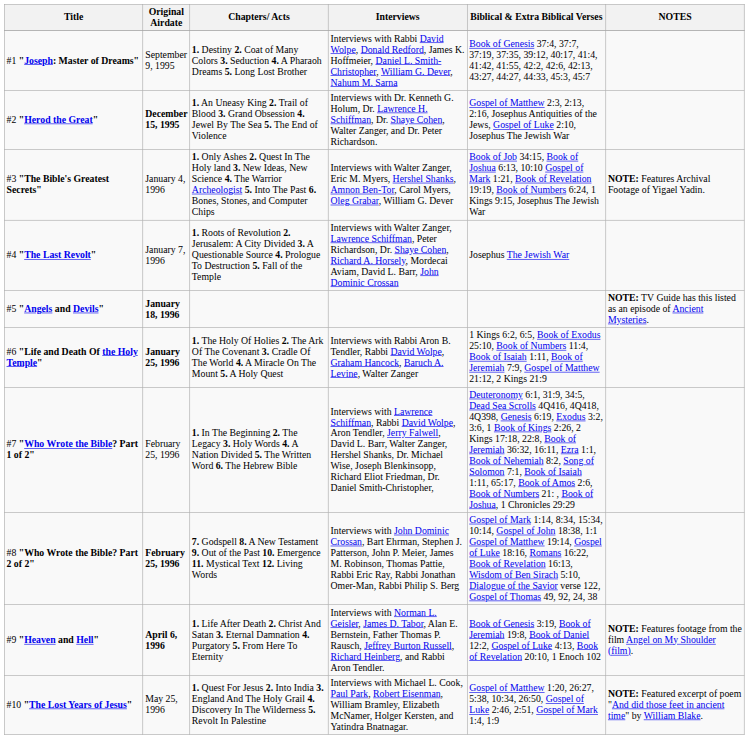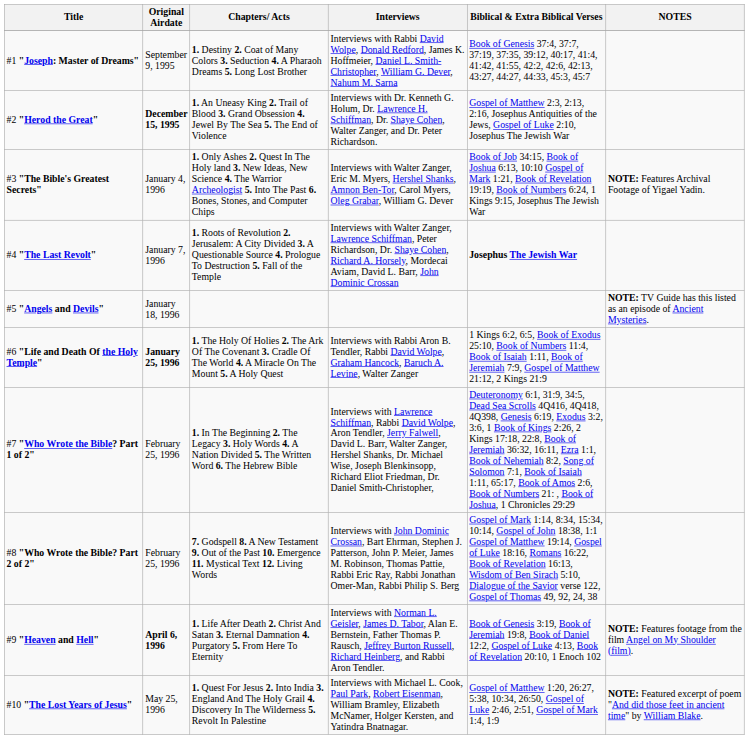 <table class="wikitable" "background:#EEEEFF">
 <tr>
 <th style="width:220px;">Title</th>
 <th style="width:40pt;">Original Airdate</th>
 <th style="width:220px;">Chapters/ Acts</th>
 <th style="width:220px;">Interviews</th>
 <th style="width:220px;">Biblical & Extra Biblical Verses</th>
 <th style="width:220px;">NOTES</th>
 </tr>
 <tr>
 </tr>
 <tr>
 <td>#1 <strong>"<a href='#'>Joseph</a>: Master of Dreams"</strong></td>
 <td>September 9, 1995</td>
 <td><strong>1.</strong> Destiny <strong>2.</strong> Coat of Many Colors <strong>3.</strong> Seduction <strong>4.</strong> A Pharaoh Dreams <strong>5.</strong> Long Lost Brother</td>
 <td>Interviews with Rabbi <a href='#'>David Wolpe</a>, <a href='#'>Donald Redford</a>, James K. Hoffmeier, <a href='#'>Daniel L. Smith-Christopher</a>, <a href='#'>William G. Dever</a>, <a href='#'>Nahum M. Sarna</a></td>
 <td><a href='#'>Book of Genesis</a> 37:4, 37:7, 37:19, 37:35, 39:12, 40:17, 41:4, 41:42, 41:55, 42:2, 42:6, 42:13, 43:27, 44:27, 44:33, 45:3, 45:7</td>
 <td></td>
 </tr>
 <tr>
 <td>#2 <strong>"<a href='#'>Herod the Great</a>"</strong></td>
 <td><strong>December 15, 1995</strong></td>
 <td><strong>1.</strong> An Uneasy King <strong>2.</strong> Trail of Blood <strong>3.</strong> Grand Obsession <strong>4.</strong> Jewel By The Sea <strong>5.</strong> The End of Violence</td>
 <td>Interviews with Dr. Kenneth G. Holum, Dr. <a href='#'>Lawrence H. Schiffman</a>, Dr. <a href='#'>Shaye Cohen</a>, Walter Zanger, and Dr. Peter Richardson.</td>
 <td><a href='#'>Gospel of Matthew</a> 2:3, 2:13, 2:16, Josephus Antiquities of the Jews, <a href='#'>Gospel of Luke</a> 2:10, Josephus The Jewish War</td>
 <td></td>
 </tr>
 <tr>
 <td>#3 <strong>"The Bible's Greatest Secrets"</strong></td>
 <td>January 4, 1996</td>
 <td><strong>1.</strong> Only Ashes <strong>2.</strong> Quest In The Holy land <strong>3.</strong> New Ideas, New Science <strong>4.</strong> The Warrior <a href='#'>Archeologist</a> <strong>5.</strong> Into The Past <strong>6.</strong> Bones, Stones, and Computer Chips</td>
 <td>Interviews with Walter Zanger, Eric M. Myers, <a href='#'>Hershel Shanks</a>, <a href='#'>Amnon Ben-Tor</a>, Carol Myers, <a href='#'>Oleg Grabar</a>, William G. Dever</td>
 <td><a href='#'>Book of Job</a> 34:15, <a href='#'>Book of Joshua</a> 6:13, 10:10 <a href='#'>Gospel of Mark</a> 1:21, <a href='#'>Book of Revelation</a> 19:19, <a href='#'>Book of Numbers</a> 6:24, 1 Kings 9:15, Josephus The Jewish War</td>
 <td><strong>NOTE:</strong> Features Archival Footage of Yigael Yadin.</td>
 </tr>
 <tr>
 <td>#4 <strong>"<a href='#'>The Last Revolt</a>"</strong></td>
 <td>January 7, 1996</td>
 <td><strong>1.</strong> Roots of Revolution <strong>2.</strong> Jerusalem: A City Divided <strong>3.</strong> A Questionable Source <strong>4.</strong> Prologue To Destruction <strong>5.</strong> Fall of the Temple</td>
 <td>Interviews with Walter Zanger, <a href='#'>Lawrence Schiffman</a>, Peter Richardson, Dr. <a href='#'>Shaye Cohen</a>, <a href='#'>Richard A. Horsely</a>, Mordecai Aviam, David L. Barr, <a href='#'>John Dominic Crossan</a></td>
-<td>Josephus <a href='#'>The Jewish War</a></td>
+<td><strong>Josephus <a href='#'>The Jewish War</a></strong></td>
 <td></td>
 </tr>
 <tr>
 <td>#5 <strong>"<a href='#'>Angels</a> and <a href='#'>Devils</a>"</strong></td>
-<td><strong>January 18, 1996</strong></td>
+<td>January 18, 1996</td>
 <td></td>
 <td></td>
 <td></td>
 <td><strong>NOTE:</strong> TV Guide has this listed as an episode of <a href='#'>Ancient Mysteries</a>.</td>
 </tr>
 <tr>
 <td>#6 <strong>"Life and Death Of <a href='#'>the Holy Temple</a>"</strong></td>
 <td><strong>January 25, 1996</strong></td>
 <td><strong>1.</strong> The Holy Of Holies <strong>2.</strong> The Ark Of The Covenant <strong>3.</strong> Cradle Of The World <strong>4.</strong> A Miracle On The Mount <strong>5.</strong> A Holy Quest</td>
 <td>Interviews with Rabbi Aron B. Tendler, Rabbi <a href='#'>David Wolpe</a>, <a href='#'>Graham Hancock</a>, <a href='#'>Baruch A. Levine</a>, Walter Zanger</td>
 <td>1 Kings 6:2, 6:5, <a href='#'>Book of Exodus</a> 25:10, <a href='#'>Book of Numbers</a> 11:4, <a href='#'>Book of Isaiah</a> 1:11, <a href='#'>Book of Jeremiah</a> 7:9, <a href='#'>Gospel of Matthew</a> 21:12, 2 Kings 21:9</td>
 <td></td>
 </tr>
 <tr>
 <td>#7 <strong>"<a href='#'>Who Wrote the Bible</a>? Part 1 of 2"</strong></td>
 <td>February 25, 1996</td>
 <td><strong>1.</strong> In The Beginning <strong>2.</strong> The Legacy <strong>3.</strong> Holy Words <strong>4.</strong> A Nation Divided <strong>5.</strong> The Written Word <strong>6.</strong> The Hebrew Bible</td>
 <td>Interviews with <a href='#'>Lawrence Schiffman</a>, Rabbi <a href='#'>David Wolpe</a>, Aron Tendler, <a href='#'>Jerry Falwell</a>, David L. Barr, Walter Zanger, Hershel Shanks, Dr. Michael Wise, Joseph Blenkinsopp, Richard Eliot Friedman, Dr. Daniel Smith-Christopher,</td>
 <td><a href='#'>Deuteronomy</a> 6:1, 31:9, 34:5, <a href='#'>Dead Sea Scrolls</a> 4Q416, 4Q418, 4Q398, <a href='#'>Genesis</a> 6:19, <a href='#'>Exodus</a> 3:2, 3:6, 1 <a href='#'>Book of Kings</a> 2:26, 2 Kings 17:18, 22:8, <a href='#'>Book of Jeremiah</a> 36:32, 16:11, <a href='#'>Ezra</a> 1:1, <a href='#'>Book of Nehemiah</a> 8:2, <a href='#'>Song of Solomon</a> 7:1, <a href='#'>Book of Isaiah</a> 1:11, 65:17, <a href='#'>Book of Amos</a> 2:6, <a href='#'>Book of Numbers</a> 21: , <a href='#'>Book of Joshua</a>, 1 Chronicles 29:29</td>
 <td></td>
 </tr>
 <tr>
 <td>#8 <strong>"Who Wrote the Bible? Part 2 of 2"</strong></td>
-<td><strong>February 25, 1996</strong></td>
+<td>February 25, 1996</td>
 <td><strong>7.</strong> Godspell <strong>8.</strong> A New Testament <strong>9.</strong> Out of the Past <strong>10.</strong> Emergence <strong>11.</strong> Mystical Text <strong>12.</strong> Living Words</td>
 <td>Interviews with <a href='#'>John Dominic Crossan</a>, Bart Ehrman, Stephen J. Patterson, John P. Meier, James M. Robinson, Thomas Pattie, Rabbi Eric Ray, Rabbi Jonathan Omer-Man, Rabbi Philip S. Berg</td>
 <td><a href='#'>Gospel of Mark</a> 1:14, 8:34, 15:34, 10:14, <a href='#'>Gospel of John</a> 18:38, 1:1 <a href='#'>Gospel of Matthew</a> 19:14, <a href='#'>Gospel of Luke</a> 18:16, <a href='#'>Romans</a> 16:22, <a href='#'>Book of Revelation</a> 16:13, <a href='#'>Wisdom of Ben Sirach</a> 5:10, <a href='#'>Dialogue of the Savior</a> verse 122, <a href='#'>Gospel of Thomas</a> 49, 92, 24, 38</td>
 <td></td>
 </tr>
 <tr>
 <td>#9 <strong>"<a href='#'>Heaven</a> and <a href='#'>Hell</a>"</strong></td>
 <td><strong>April 6, 1996</strong></td>
 <td><strong>1.</strong> Life After Death <strong>2.</strong> Christ And Satan <strong>3.</strong> Eternal Damnation <strong>4.</strong> Purgatory <strong>5.</strong> From Here To Eternity</td>
 <td>Interviews with <a href='#'>Norman L. Geisler</a>, <a href='#'>James D. Tabor</a>, Alan E. Bernstein, Father Thomas P. Rausch, <a href='#'>Jeffrey Burton Russell</a>, <a href='#'>Richard Heinberg</a>, and Rabbi Aron Tendler.</td>
 <td><a href='#'>Book of Genesis</a> 3:19, <a href='#'>Book of Jeremiah</a> 19:8, <a href='#'>Book of Daniel</a> 12:2, <a href='#'>Gospel of Luke</a> 4:13, <a href='#'>Book of Revelation</a> 20:10, 1 Enoch 102</td>
 <td><strong>NOTE:</strong> Features footage from the film <a href='#'>Angel on My Shoulder (film)</a>.</td>
 </tr>
 <tr>
 <td>#10 <strong>"<a href='#'>The Lost Years of Jesus</a>"</strong></td>
 <td>May 25, 1996</td>
 <td><strong> 1.</strong>  Quest For Jesus <strong> 2.</strong>  Into India <strong> 3.</strong>  England And The Holy Grail <strong> 4.</strong>  Discovery In The Wilderness <strong>5.</strong>  Revolt In Palestine</td>
 <td>Interviews with Michael L. Cook, <a href='#'>Paul Park</a>, <a href='#'>Robert Eisenman</a>, William Bramley, Elizabeth McNamer, Holger Kersten, and Yatindra Bnatnagar.</td>
 <td><a href='#'>Gospel of Matthew</a> 1:20, 26:27, 5:38, 10:34, 26:50, <a href='#'>Gospel of Luke</a> 2:46, 2:51, <a href='#'>Gospel of Mark</a> 1:4, 1:9</td>
 <td><strong>NOTE:</strong> Featured excerpt of poem "<a href='#'>And did those feet in ancient time</a>" by <a href='#'>William Blake</a>.</td>
 </tr>
 </table>
